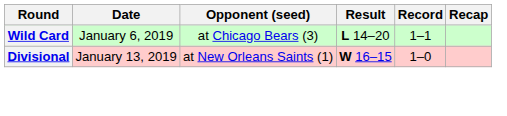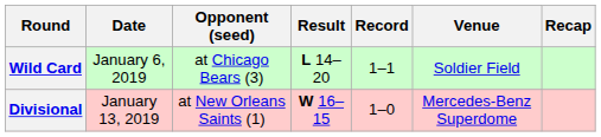 <table class="wikitable" style="text-align:center">
 <tr>
 <th>Round</th>
 <th>Date</th>
 <th>Opponent (seed)</th>
 <th>Result</th>
 <th>Record</th>
+<th>Venue</th>
 <th>Recap</th>
 </tr>
 <tr style="background:#cfc">
 <th><a href='#'>Wild Card</a></th>
 <td>January 6, 2019</td>
 <td>at <a href='#'>Chicago Bears</a> (3)</td>
 <td><strong>L</strong> 14–20</td>
 <td>1–1</td>
+<td><a href='#'>Soldier Field</a></td>
 <td></td>
 </tr>
 <tr style="background:#fcc">
 <th><a href='#'>Divisional</a></th>
 <td>January 13, 2019</td>
 <td>at <a href='#'>New Orleans Saints</a> (1)</td>
 <td><strong>W</strong> <a href='#'>16–15</a></td>
 <td>1–0</td>
+<td><a href='#'>Mercedes-Benz Superdome</a></td>
 <td></td>
 </tr>
 </table>
